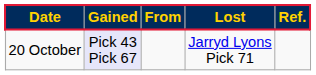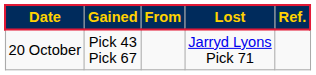 <table class="wikitable" style="font-size:90%; text-align:center;">
 <tr style="background:#002B5C; color: #FFD200; border: solid #E21937 2px;">
 <td><span><strong>Date</strong> </span></td>
 <td><span><strong>Gained</strong> </span></td>
 <td><span><strong>From</strong> </span></td>
 <td><span><strong>Lost</strong> </span></td>
 <td><span><strong>Ref.</strong> </span></td>
 </tr>
 <tr>
 <td>20 October</td>
-<td style="background: lavender;">Pick 43<br>Pick 67</td>
+<td>Pick 43<br>Pick 67</td>
 <td></td>
 <td><a href='#'>Jarryd Lyons</a><br>Pick 71</td>
 <td></td>
 </tr>
 </table>
